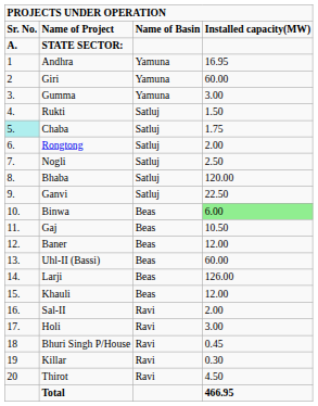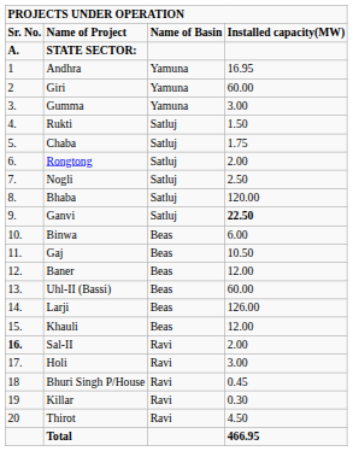 <table class="wikitable">
 <tr>
 <td colspan="4"><strong>PROJECTS UNDER OPERATION</strong></td>
 </tr>
 <tr>
 <td><strong>Sr. No.</strong></td>
 <td><strong>Name of Project</strong></td>
 <td><strong>Name of Basin</strong></td>
 <td><strong>Installed capacity(MW)</strong></td>
 </tr>
 <tr>
 <td><strong>A.</strong></td>
 <td><strong>STATE SECTOR:</strong></td>
 <td></td>
 <td></td>
 </tr>
 <tr>
 <td>1</td>
 <td>Andhra</td>
 <td>Yamuna</td>
 <td>16.95</td>
 </tr>
 <tr>
 <td>2</td>
 <td>Giri</td>
 <td>Yamuna</td>
 <td>60.00</td>
 </tr>
 <tr>
 <td>3.</td>
 <td>Gumma</td>
 <td>Yamuna</td>
 <td>3.00</td>
 </tr>
 <tr>
 <td>4.</td>
 <td>Rukti</td>
 <td>Satluj</td>
 <td>1.50</td>
 </tr>
 <tr>
-<td style="background: paleturquoise;">5.</td>
+<td>5.</td>
 <td>Chaba</td>
 <td>Satluj</td>
 <td>1.75</td>
 </tr>
 <tr>
 <td>6.</td>
 <td><a href='#'>Rongtong</a></td>
 <td>Satluj</td>
 <td>2.00</td>
 </tr>
 <tr>
 <td>7.</td>
 <td>Nogli</td>
 <td>Satluj</td>
 <td>2.50</td>
 </tr>
 <tr>
 <td>8.</td>
 <td>Bhaba</td>
 <td>Satluj</td>
 <td>120.00</td>
 </tr>
 <tr>
 <td>9.</td>
 <td>Ganvi</td>
 <td>Satluj</td>
-<td>22.50</td>
+<td><strong>22.50</strong></td>
 </tr>
 <tr>
 <td>10.</td>
 <td>Binwa</td>
 <td>Beas</td>
-<td style="background: lightgreen;">6.00</td>
+<td>6.00</td>
 </tr>
 <tr>
 <td>11.</td>
 <td>Gaj</td>
 <td>Beas</td>
 <td>10.50</td>
 </tr>
 <tr>
 <td>12.</td>
 <td>Baner</td>
 <td>Beas</td>
 <td>12.00</td>
 </tr>
 <tr>
 <td>13.</td>
 <td>Uhl-II (Bassi)</td>
 <td>Beas</td>
 <td>60.00</td>
 </tr>
 <tr>
 <td>14.</td>
 <td>Larji</td>
 <td>Beas</td>
 <td>126.00</td>
 </tr>
 <tr>
 <td>15.</td>
 <td>Khauli</td>
 <td>Beas</td>
 <td>12.00</td>
 </tr>
 <tr>
-<td>16.</td>
+<td><strong>16.</strong></td>
 <td>Sal-II</td>
 <td>Ravi</td>
 <td>2.00</td>
 </tr>
 <tr>
 <td>17.</td>
 <td>Holi</td>
 <td>Ravi</td>
 <td>3.00</td>
 </tr>
 <tr>
 <td>18</td>
 <td>Bhuri Singh P/House</td>
 <td>Ravi</td>
 <td>0.45</td>
 </tr>
 <tr>
 <td>19</td>
 <td>Killar</td>
 <td>Ravi</td>
 <td>0.30</td>
 </tr>
 <tr>
 <td>20</td>
 <td>Thirot</td>
 <td>Ravi</td>
 <td>4.50</td>
 </tr>
 <tr>
 <td></td>
 <td><strong>Total</strong></td>
 <td></td>
 <td><strong>466.95</strong></td>
 </tr>
 </table>
